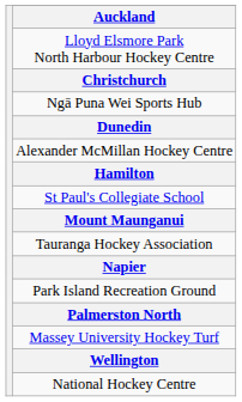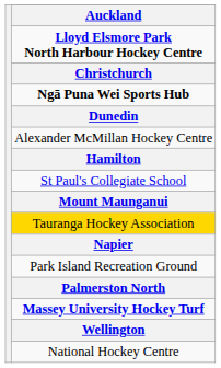 <table class="wikitable" style="text-align:center;margin:1em auto;">
 <tr>
 <th rowspan=17></th>
 </tr>
 <tr>
 <th><a href='#'>Auckland</a></th>
 </tr>
 <tr>
-<td><a href='#'>Lloyd Elsmore Park</a><br>North Harbour Hockey Centre</td>
+<td><strong><a href='#'>Lloyd Elsmore Park</a><br>North Harbour Hockey Centre</strong></td>
 </tr>
 <tr>
 <th><a href='#'>Christchurch</a></th>
 </tr>
 <tr>
-<td>Ngā Puna Wei Sports Hub</td>
+<td><strong>Ngā Puna Wei Sports Hub</strong></td>
 </tr>
 <tr>
 <th><a href='#'>Dunedin</a></th>
 </tr>
 <tr>
 <td>Alexander McMillan Hockey Centre</td>
 </tr>
 <tr>
 <th><a href='#'>Hamilton</a></th>
 </tr>
 <tr>
 <td><a href='#'>St Paul's Collegiate School</a></td>
 </tr>
 <tr>
 <th><a href='#'>Mount Maunganui</a></th>
 </tr>
 <tr>
-<td>Tauranga Hockey Association</td>
+<td style="background: gold;">Tauranga Hockey Association</td>
 </tr>
 <tr>
 <th><a href='#'>Napier</a></th>
 </tr>
 <tr>
 <td>Park Island Recreation Ground</td>
 </tr>
 <tr>
 <th><a href='#'>Palmerston North</a></th>
 </tr>
 <tr>
-<td><a href='#'>Massey University Hockey Turf</a></td>
+<td><strong><a href='#'>Massey University Hockey Turf</a></strong></td>
 </tr>
 <tr>
 <th><a href='#'>Wellington</a></th>
 </tr>
 <tr>
 <td>National Hockey Centre</td>
 </tr>
 </table>
